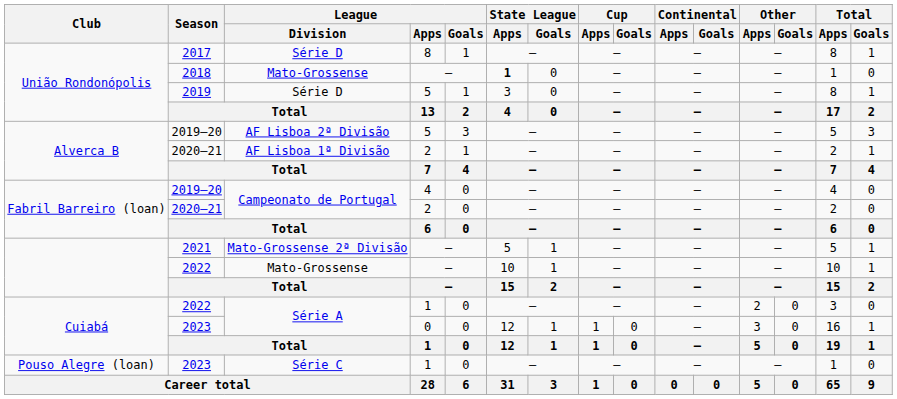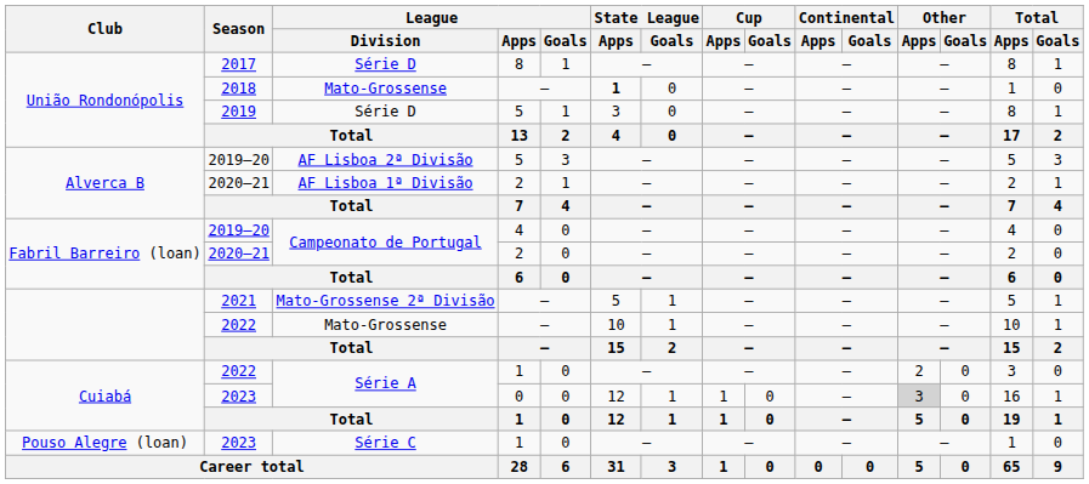 <table class="wikitable" style="text-align: center;">
 <tr>
 <th rowspan="2">Club</th>
 <th rowspan="2">Season</th>
 <th colspan="3">League</th>
 <th colspan="2">State League</th>
 <th colspan="2">Cup</th>
 <th colspan="2">Continental</th>
 <th colspan="2">Other</th>
 <th colspan="2">Total</th>
 </tr>
 <tr>
 <th>Division</th>
 <th>Apps</th>
 <th>Goals</th>
 <th>Apps</th>
 <th>Goals</th>
 <th>Apps</th>
 <th>Goals</th>
 <th>Apps</th>
 <th>Goals</th>
 <th>Apps</th>
 <th>Goals</th>
 <th>Apps</th>
 <th>Goals</th>
 </tr>
 <tr>
 <td rowspan="4" valign="center"><a href='#'>União Rondonópolis</a></td>
 <td><a href='#'>2017</a></td>
 <td><a href='#'>Série D</a></td>
 <td>8</td>
 <td>1</td>
 <td colspan="2">—</td>
 <td colspan="2">—</td>
 <td colspan="2">—</td>
 <td colspan="2">—</td>
 <td>8</td>
 <td>1</td>
 </tr>
 <tr>
 <td><a href='#'>2018</a></td>
 <td><a href='#'>Mato-Grossense</a></td>
 <td colspan="2">—</td>
 <td><strong>1</strong></td>
 <td>0</td>
 <td colspan="2">—</td>
 <td colspan="2">—</td>
 <td colspan="2">—</td>
 <td>1</td>
 <td>0</td>
 </tr>
 <tr>
 <td><a href='#'>2019</a></td>
 <td>Série D</td>
 <td>5</td>
 <td>1</td>
 <td>3</td>
 <td>0</td>
 <td colspan="2">—</td>
 <td colspan="2">—</td>
 <td colspan="2">—</td>
 <td>8</td>
 <td>1</td>
 </tr>
 <tr>
 <th colspan="2">Total</th>
 <th>13</th>
 <th>2</th>
 <th>4</th>
 <th>0</th>
 <th colspan="2">—</th>
 <th colspan="2">—</th>
 <th colspan="2">—</th>
 <th>17</th>
 <th>2</th>
 </tr>
 <tr>
 <td rowspan="3" valign="center"><a href='#'>Alverca B</a></td>
 <td>2019–20</td>
 <td><a href='#'>AF Lisboa 2ª Divisão</a></td>
 <td>5</td>
 <td>3</td>
 <td colspan="2">—</td>
 <td colspan="2">—</td>
 <td colspan="2">—</td>
 <td colspan="2">—</td>
 <td>5</td>
 <td>3</td>
 </tr>
 <tr>
 <td>2020–21</td>
 <td><a href='#'>AF Lisboa 1ª Divisão</a></td>
 <td>2</td>
 <td>1</td>
 <td colspan="2">—</td>
 <td colspan="2">—</td>
 <td colspan="2">—</td>
 <td colspan="2">—</td>
 <td>2</td>
 <td>1</td>
 </tr>
 <tr>
 <th colspan="2">Total</th>
 <th>7</th>
 <th>4</th>
 <th colspan="2">—</th>
 <th colspan="2">—</th>
 <th colspan="2">—</th>
 <th colspan="2">—</th>
 <th>7</th>
 <th>4</th>
 </tr>
 <tr>
 <td rowspan="3" valign="center"><a href='#'>Fabril Barreiro</a> (loan)</td>
 <td><a href='#'>2019–20</a></td>
 <td rowspan="2"><a href='#'>Campeonato de Portugal</a></td>
 <td>4</td>
 <td>0</td>
 <td colspan="2">—</td>
 <td colspan="2">—</td>
 <td colspan="2">—</td>
 <td colspan="2">—</td>
 <td>4</td>
 <td>0</td>
 </tr>
 <tr>
 <td><a href='#'>2020–21</a></td>
 <td>2</td>
 <td>0</td>
 <td colspan="2">—</td>
 <td colspan="2">—</td>
 <td colspan="2">—</td>
 <td colspan="2">—</td>
 <td>2</td>
 <td>0</td>
 </tr>
 <tr>
 <th colspan="2">Total</th>
 <th>6</th>
 <th>0</th>
 <th colspan="2">—</th>
 <th colspan="2">—</th>
 <th colspan="2">—</th>
 <th colspan="2">—</th>
 <th>6</th>
 <th>0</th>
 </tr>
 <tr>
 <td rowspan="3" valign="center"></td>
 <td><a href='#'>2021</a></td>
 <td><a href='#'>Mato-Grossense 2ª Divisão</a></td>
 <td colspan="2">—</td>
 <td>5</td>
 <td>1</td>
 <td colspan="2">—</td>
 <td colspan="2">—</td>
 <td colspan="2">—</td>
 <td>5</td>
 <td>1</td>
 </tr>
 <tr>
 <td><a href='#'>2022</a></td>
 <td>Mato-Grossense</td>
 <td colspan="2">—</td>
 <td>10</td>
 <td>1</td>
 <td colspan="2">—</td>
 <td colspan="2">—</td>
 <td colspan="2">—</td>
 <td>10</td>
 <td>1</td>
 </tr>
 <tr>
 <th colspan="2">Total</th>
 <th colspan="2">—</th>
 <th>15</th>
 <th>2</th>
 <th colspan="2">—</th>
 <th colspan="2">—</th>
 <th colspan="2">—</th>
 <th>15</th>
 <th>2</th>
 </tr>
 <tr>
 <td rowspan="3" valign="center"><a href='#'>Cuiabá</a></td>
 <td><a href='#'>2022</a></td>
 <td rowspan="2"><a href='#'>Série A</a></td>
 <td>1</td>
 <td>0</td>
 <td colspan="2">—</td>
 <td colspan="2">—</td>
 <td colspan="2">—</td>
 <td>2</td>
 <td>0</td>
 <td>3</td>
 <td>0</td>
 </tr>
 <tr>
 <td><a href='#'>2023</a></td>
 <td>0</td>
 <td>0</td>
 <td>12</td>
 <td>1</td>
 <td>1</td>
 <td>0</td>
 <td colspan="2">—</td>
-<td>3</td>
+<td style="background: lightgrey;">3</td>
 <td>0</td>
 <td>16</td>
 <td>1</td>
 </tr>
 <tr>
 <th colspan="2">Total</th>
 <th>1</th>
 <th>0</th>
 <th>12</th>
 <th>1</th>
 <th>1</th>
 <th>0</th>
 <th colspan="2">—</th>
 <th>5</th>
 <th>0</th>
 <th>19</th>
 <th>1</th>
 </tr>
 <tr>
 <td valign="center"><a href='#'>Pouso Alegre</a> (loan)</td>
 <td><a href='#'>2023</a></td>
 <td><a href='#'>Série C</a></td>
 <td>1</td>
 <td>0</td>
 <td colspan="2">—</td>
 <td colspan="2">—</td>
 <td colspan="2">—</td>
 <td colspan="2">—</td>
 <td>1</td>
 <td>0</td>
 </tr>
 <tr>
 <th colspan="3"><strong>Career total</strong></th>
 <th>28</th>
 <th>6</th>
 <th>31</th>
 <th>3</th>
 <th>1</th>
 <th>0</th>
 <th>0</th>
 <th>0</th>
 <th>5</th>
 <th>0</th>
 <th>65</th>
 <th>9</th>
 </tr>
 </table>
